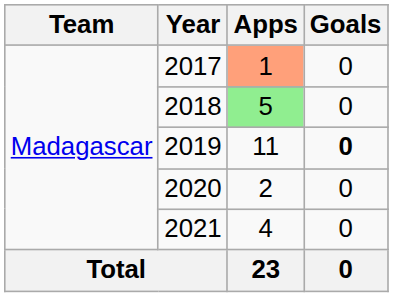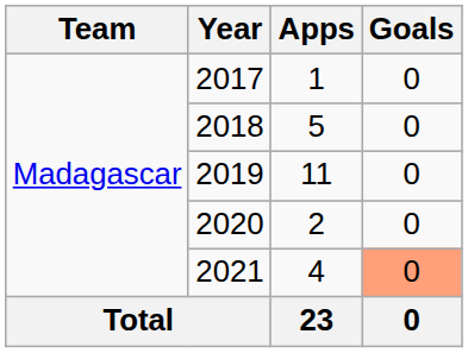 <table class="wikitable" style="text-align:center">
 <tr>
 <th>Team</th>
 <th>Year</th>
 <th>Apps</th>
 <th>Goals</th>
 </tr>
 <tr>
 <td rowspan="5"><a href='#'>Madagascar</a></td>
 <td>2017</td>
-<td style="background: lightsalmon;">1</td>
+<td>1</td>
 <td>0</td>
 </tr>
 <tr>
 <td>2018</td>
-<td style="background: lightgreen;">5</td>
+<td>5</td>
 <td>0</td>
 </tr>
 <tr>
 <td>2019</td>
 <td>11</td>
-<td><strong>0</strong></td>
+<td>0</td>
 </tr>
 <tr>
 <td>2020</td>
 <td>2</td>
 <td>0</td>
 </tr>
 <tr>
 <td>2021</td>
 <td>4</td>
-<td>0</td>
+<td style="background: lightsalmon;">0</td>
 </tr>
 <tr>
 <th colspan="2">Total</th>
 <th>23</th>
 <th>0</th>
 </tr>
 </table>
